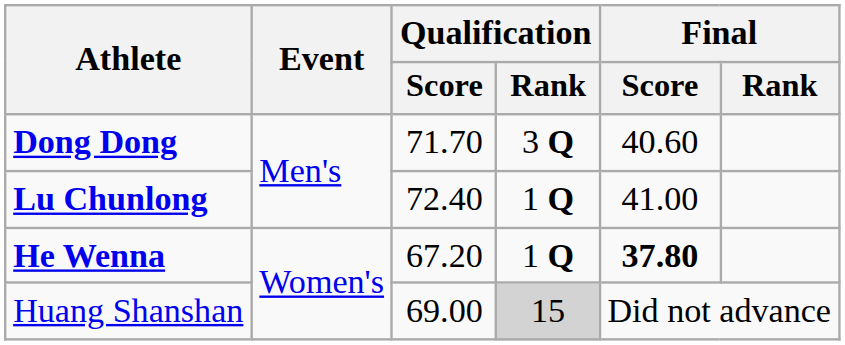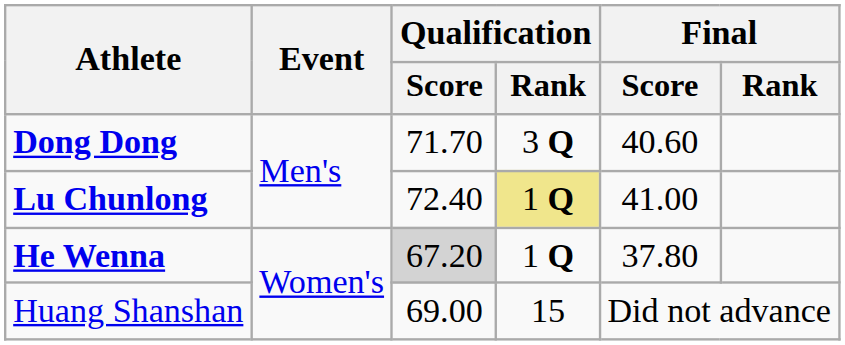 <table class="wikitable" style="font-size:90%">
 <tr>
 <th rowspan="2">Athlete</th>
 <th rowspan="2">Event</th>
 <th colspan="2">Qualification</th>
 <th colspan="2">Final</th>
 </tr>
 <tr style="font-size:95%">
 <th>Score</th>
 <th>Rank</th>
 <th>Score</th>
 <th>Rank</th>
 </tr>
 <tr align=center>
 <td align=left><strong><a href='#'>Dong Dong</a></strong></td>
 <td align=left rowspan=2><a href='#'>Men's</a></td>
 <td>71.70</td>
 <td>3 <strong>Q</strong></td>
 <td>40.60</td>
 <td></td>
 </tr>
 <tr align=center>
 <td align=left><strong><a href='#'>Lu Chunlong</a></strong></td>
 <td>72.40</td>
-<td>1 <strong>Q</strong></td>
+<td style="background: khaki;">1 <strong>Q</strong></td>
 <td>41.00</td>
 <td></td>
 </tr>
 <tr align=center>
 <td align=left><strong><a href='#'>He Wenna</a></strong></td>
 <td align=left rowspan=2><a href='#'>Women's</a></td>
-<td>67.20</td>
+<td style="background: lightgrey;">67.20</td>
 <td>1 <strong>Q</strong></td>
-<td><strong>37.80</strong></td>
+<td>37.80</td>
 <td></td>
 </tr>
 <tr align=center>
 <td align=left><a href='#'>Huang Shanshan</a></td>
 <td>69.00</td>
-<td style="background: lightgrey;">15</td>
+<td>15</td>
 <td colspan=2>Did not advance</td>
 </tr>
 </table>
